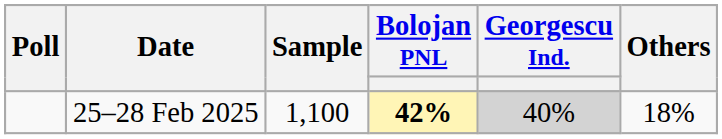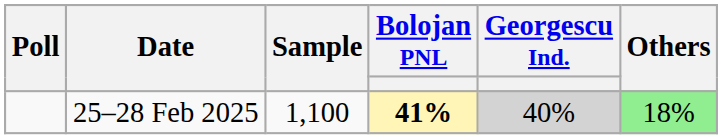 <table class="wikitable sortable" style="text-align:center;font-size:85%;line-height:14px;">
 <tr>
 <th rowspan="2">Poll</th>
 <th rowspan="2">Date</th>
 <th rowspan="2" style="width:35px;">Sample</th>
 <th class="unsortable" style="width:20px;"><a href='#'>Bolojan</a><br><small><a href='#'>PNL</a></small></th>
 <th class="unsortable" style="width:20px;"><a href='#'>Georgescu</a><br><small><a href='#'>Ind.</a></small></th>
 <th rowspan="2">Others</th>
 </tr>
 <tr>
 <th style="background:"></th>
 <th style="background:"></th>
 </tr>
 <tr>
 <td></td>
 <td>25–28 Feb 2025</td>
 <td>1,100</td>
-<td style="background:#FFF5B6"><strong>42%</strong></td>
+<td style="background:#FFF5B6"><strong>41%</strong></td>
 <td style="background: lightgrey;">40%</td>
-<td>18%</td>
+<td style="background: lightgreen;">18%</td>
 </tr>
 </table>
